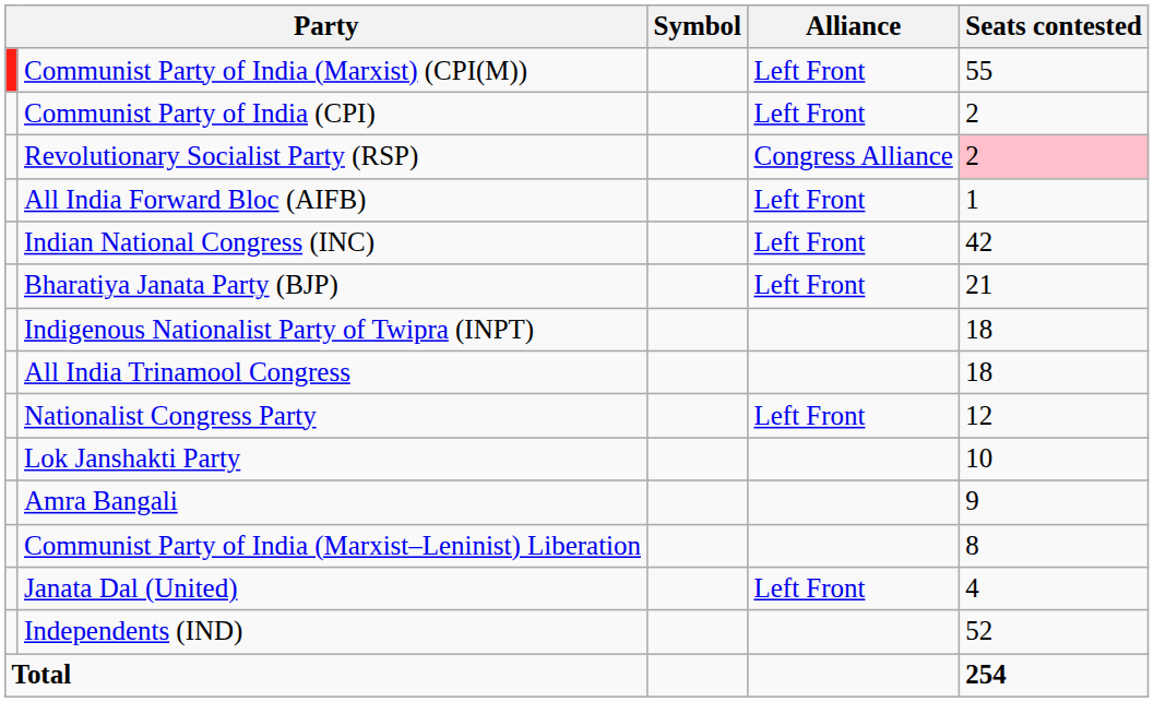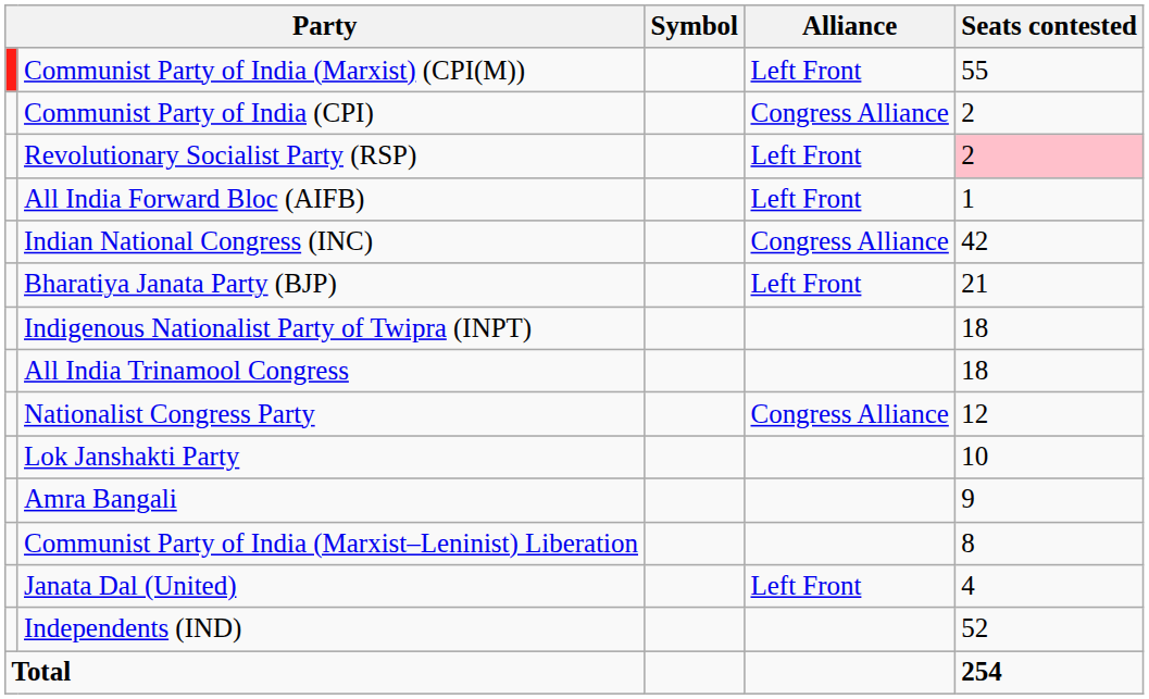 <table class="wikitable">
 <tr>
 <th colspan="2">Party</th>
 <th>Symbol</th>
 <th>Alliance</th>
 <th>Seats contested</th>
 </tr>
 <tr>
 <td bgcolor=#FF1D15></td>
 <td><a href='#'>Communist Party of India (Marxist)</a> (CPI(M))</td>
 <td></td>
 <td><a href='#'>Left Front</a></td>
 <td>55</td>
 </tr>
 <tr>
 <td></td>
 <td><a href='#'>Communist Party of India</a> (CPI)</td>
 <td></td>
-<td><a href='#'>Left Front</a></td>
+<td><a href='#'>Congress Alliance</a></td>
 <td>2</td>
 </tr>
 <tr>
 <td></td>
 <td><a href='#'>Revolutionary Socialist Party</a> (RSP)</td>
 <td></td>
-<td><a href='#'>Congress Alliance</a></td>
+<td><a href='#'>Left Front</a></td>
 <td style="background: pink;">2</td>
 </tr>
 <tr>
 <td></td>
 <td><a href='#'>All India Forward Bloc</a> (AIFB)</td>
 <td></td>
 <td><a href='#'>Left Front</a></td>
 <td>1</td>
 </tr>
 <tr>
 <td></td>
 <td><a href='#'>Indian National Congress</a> (INC)</td>
 <td></td>
-<td><a href='#'>Left Front</a></td>
+<td><a href='#'>Congress Alliance</a></td>
 <td>42</td>
 </tr>
 <tr>
 <td></td>
 <td><a href='#'>Bharatiya Janata Party</a> (BJP)</td>
 <td></td>
 <td><a href='#'>Left Front</a></td>
 <td>21</td>
 </tr>
 <tr>
 <td></td>
 <td><a href='#'>Indigenous Nationalist Party of Twipra</a> (INPT)</td>
 <td></td>
 <td></td>
 <td>18</td>
 </tr>
 <tr>
 <td></td>
 <td><a href='#'>All India Trinamool Congress</a></td>
 <td></td>
 <td></td>
 <td>18</td>
 </tr>
 <tr>
 <td></td>
 <td><a href='#'>Nationalist Congress Party</a></td>
 <td></td>
-<td><a href='#'>Left Front</a></td>
+<td><a href='#'>Congress Alliance</a></td>
 <td>12</td>
 </tr>
 <tr>
 <td></td>
 <td><a href='#'>Lok Janshakti Party</a></td>
 <td></td>
 <td></td>
 <td>10</td>
 </tr>
 <tr>
 <td></td>
 <td><a href='#'>Amra Bangali</a></td>
 <td></td>
 <td></td>
 <td>9</td>
 </tr>
 <tr>
 <td></td>
 <td><a href='#'>Communist Party of India (Marxist–Leninist) Liberation</a></td>
 <td></td>
 <td></td>
 <td>8</td>
 </tr>
 <tr>
 <td></td>
 <td><a href='#'>Janata Dal (United)</a></td>
 <td></td>
 <td><a href='#'>Left Front</a></td>
 <td>4</td>
 </tr>
 <tr>
 <td></td>
 <td><a href='#'>Independents</a> (IND)</td>
 <td></td>
 <td></td>
 <td>52</td>
 </tr>
 <tr>
 <td colspan="2"><strong>Total</strong></td>
 <td></td>
 <td></td>
 <td><strong>254</strong></td>
 </tr>
 </table>
